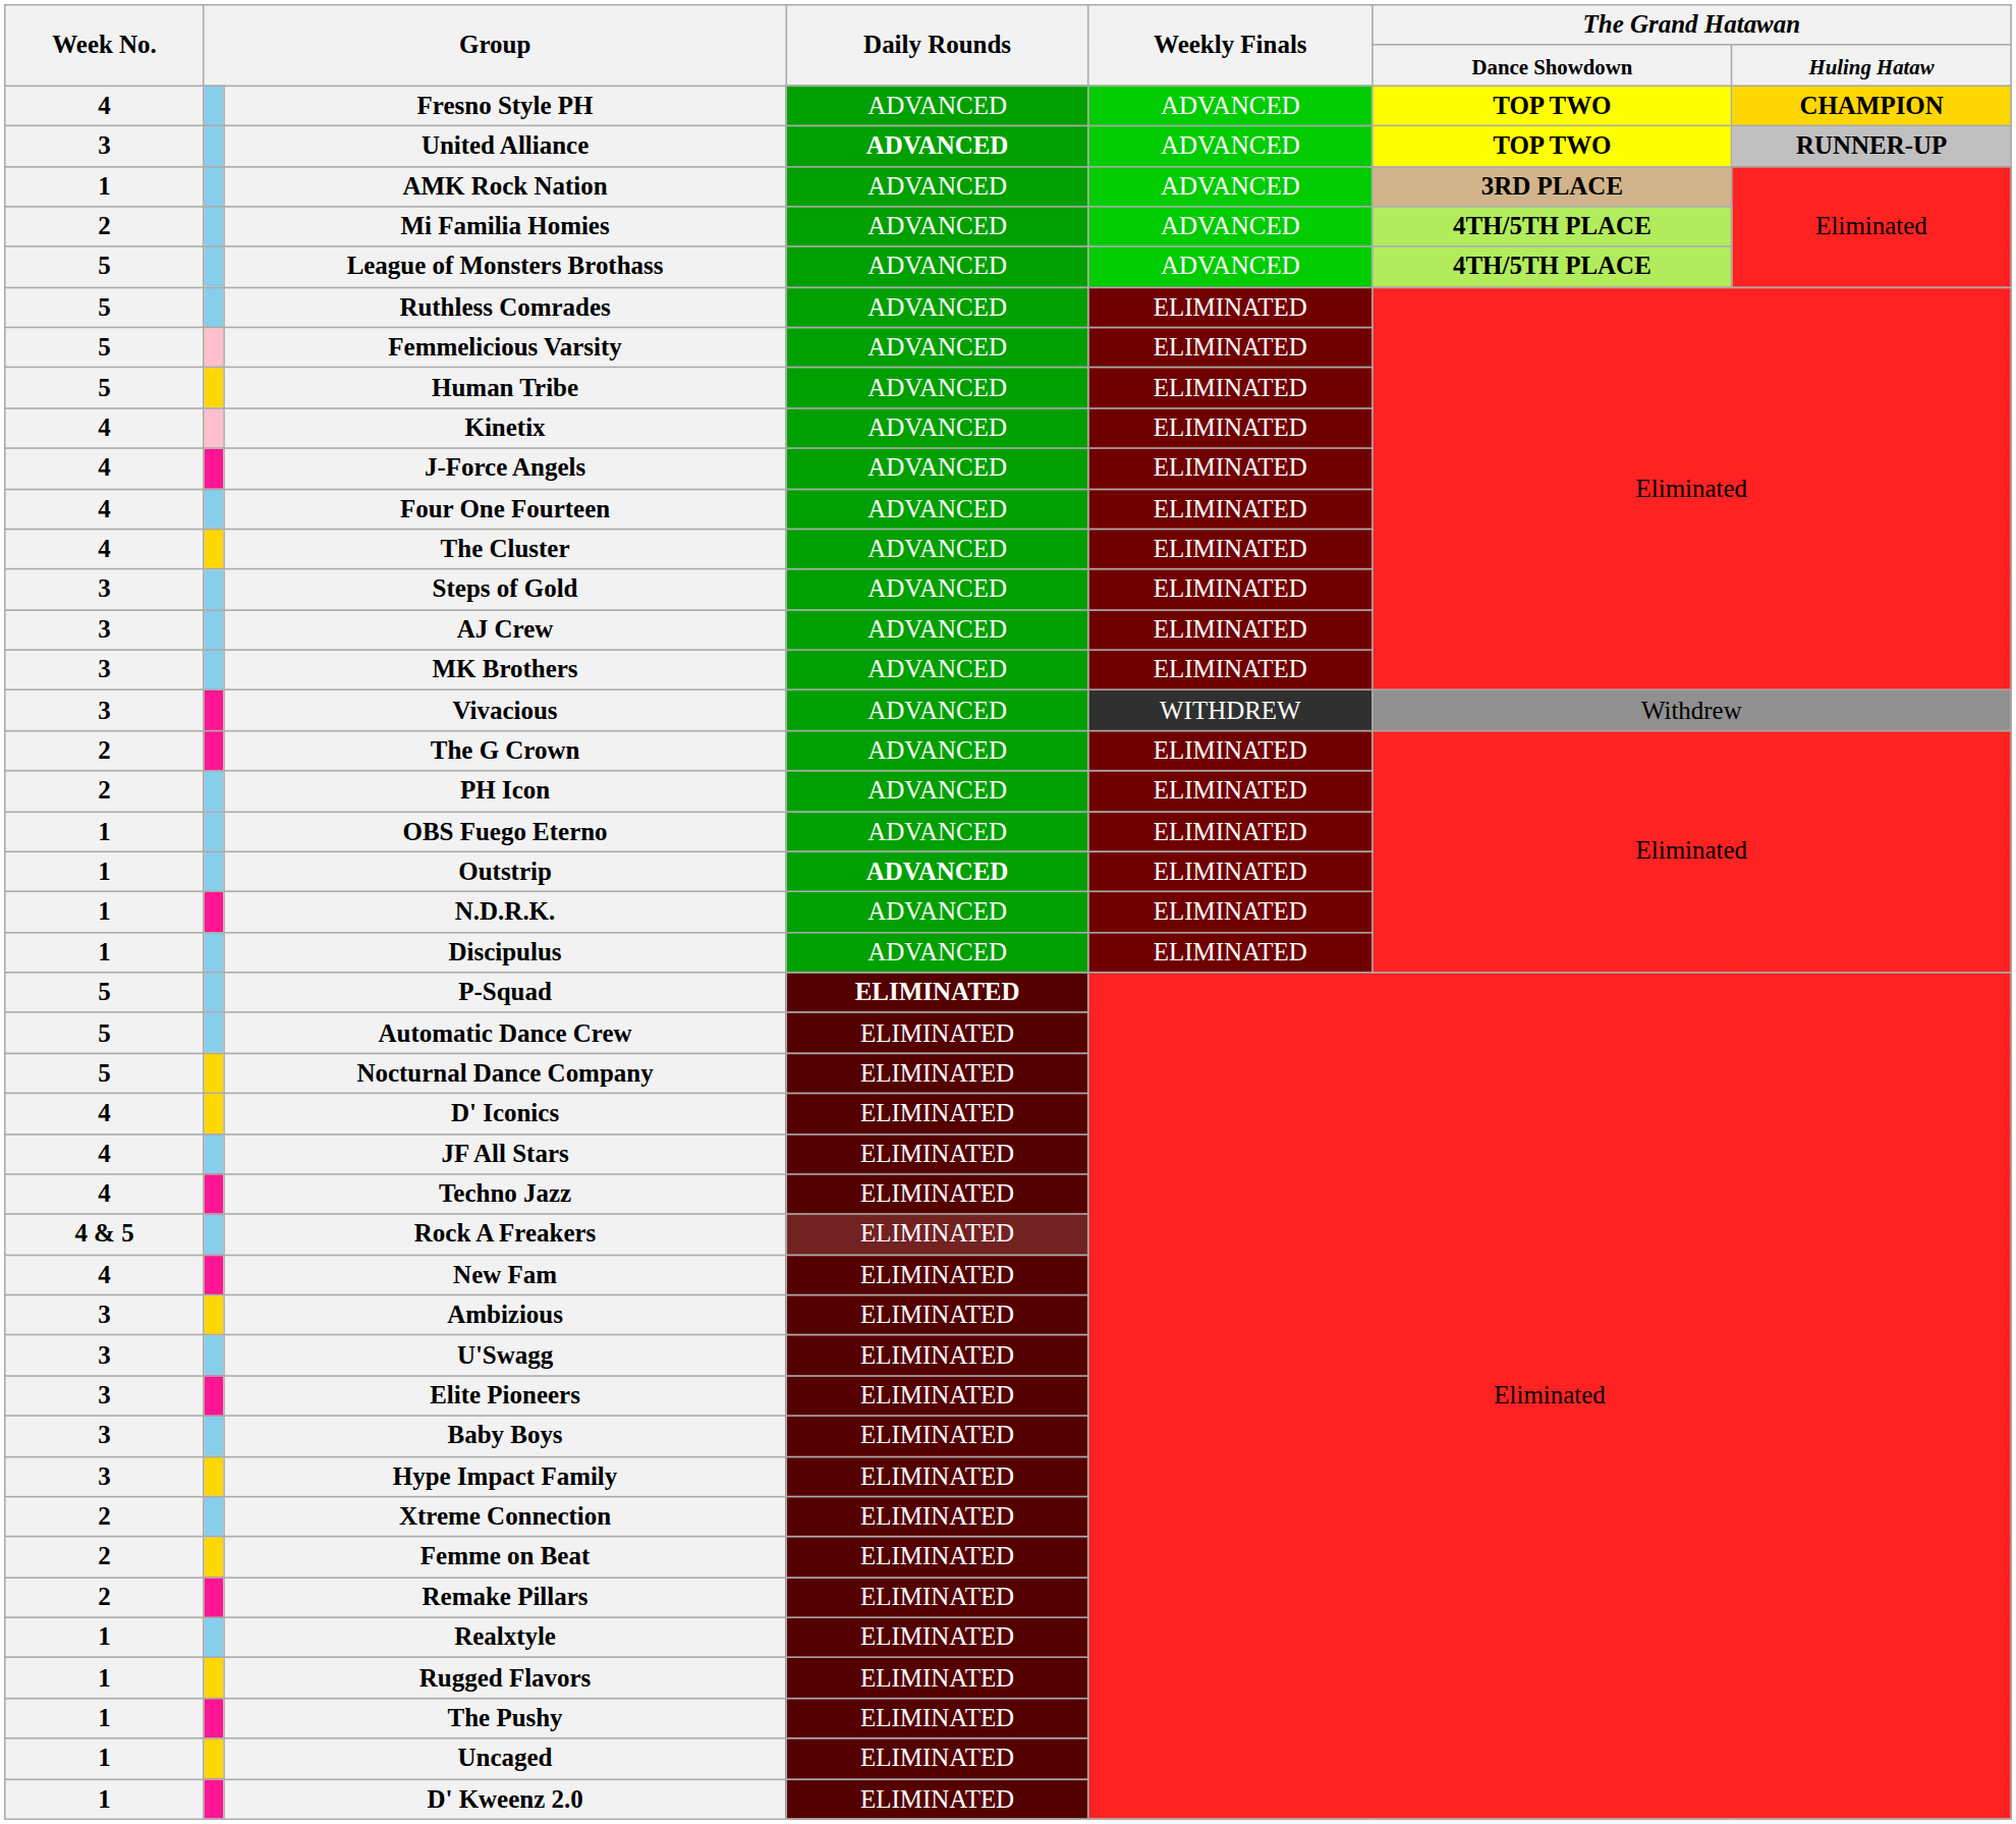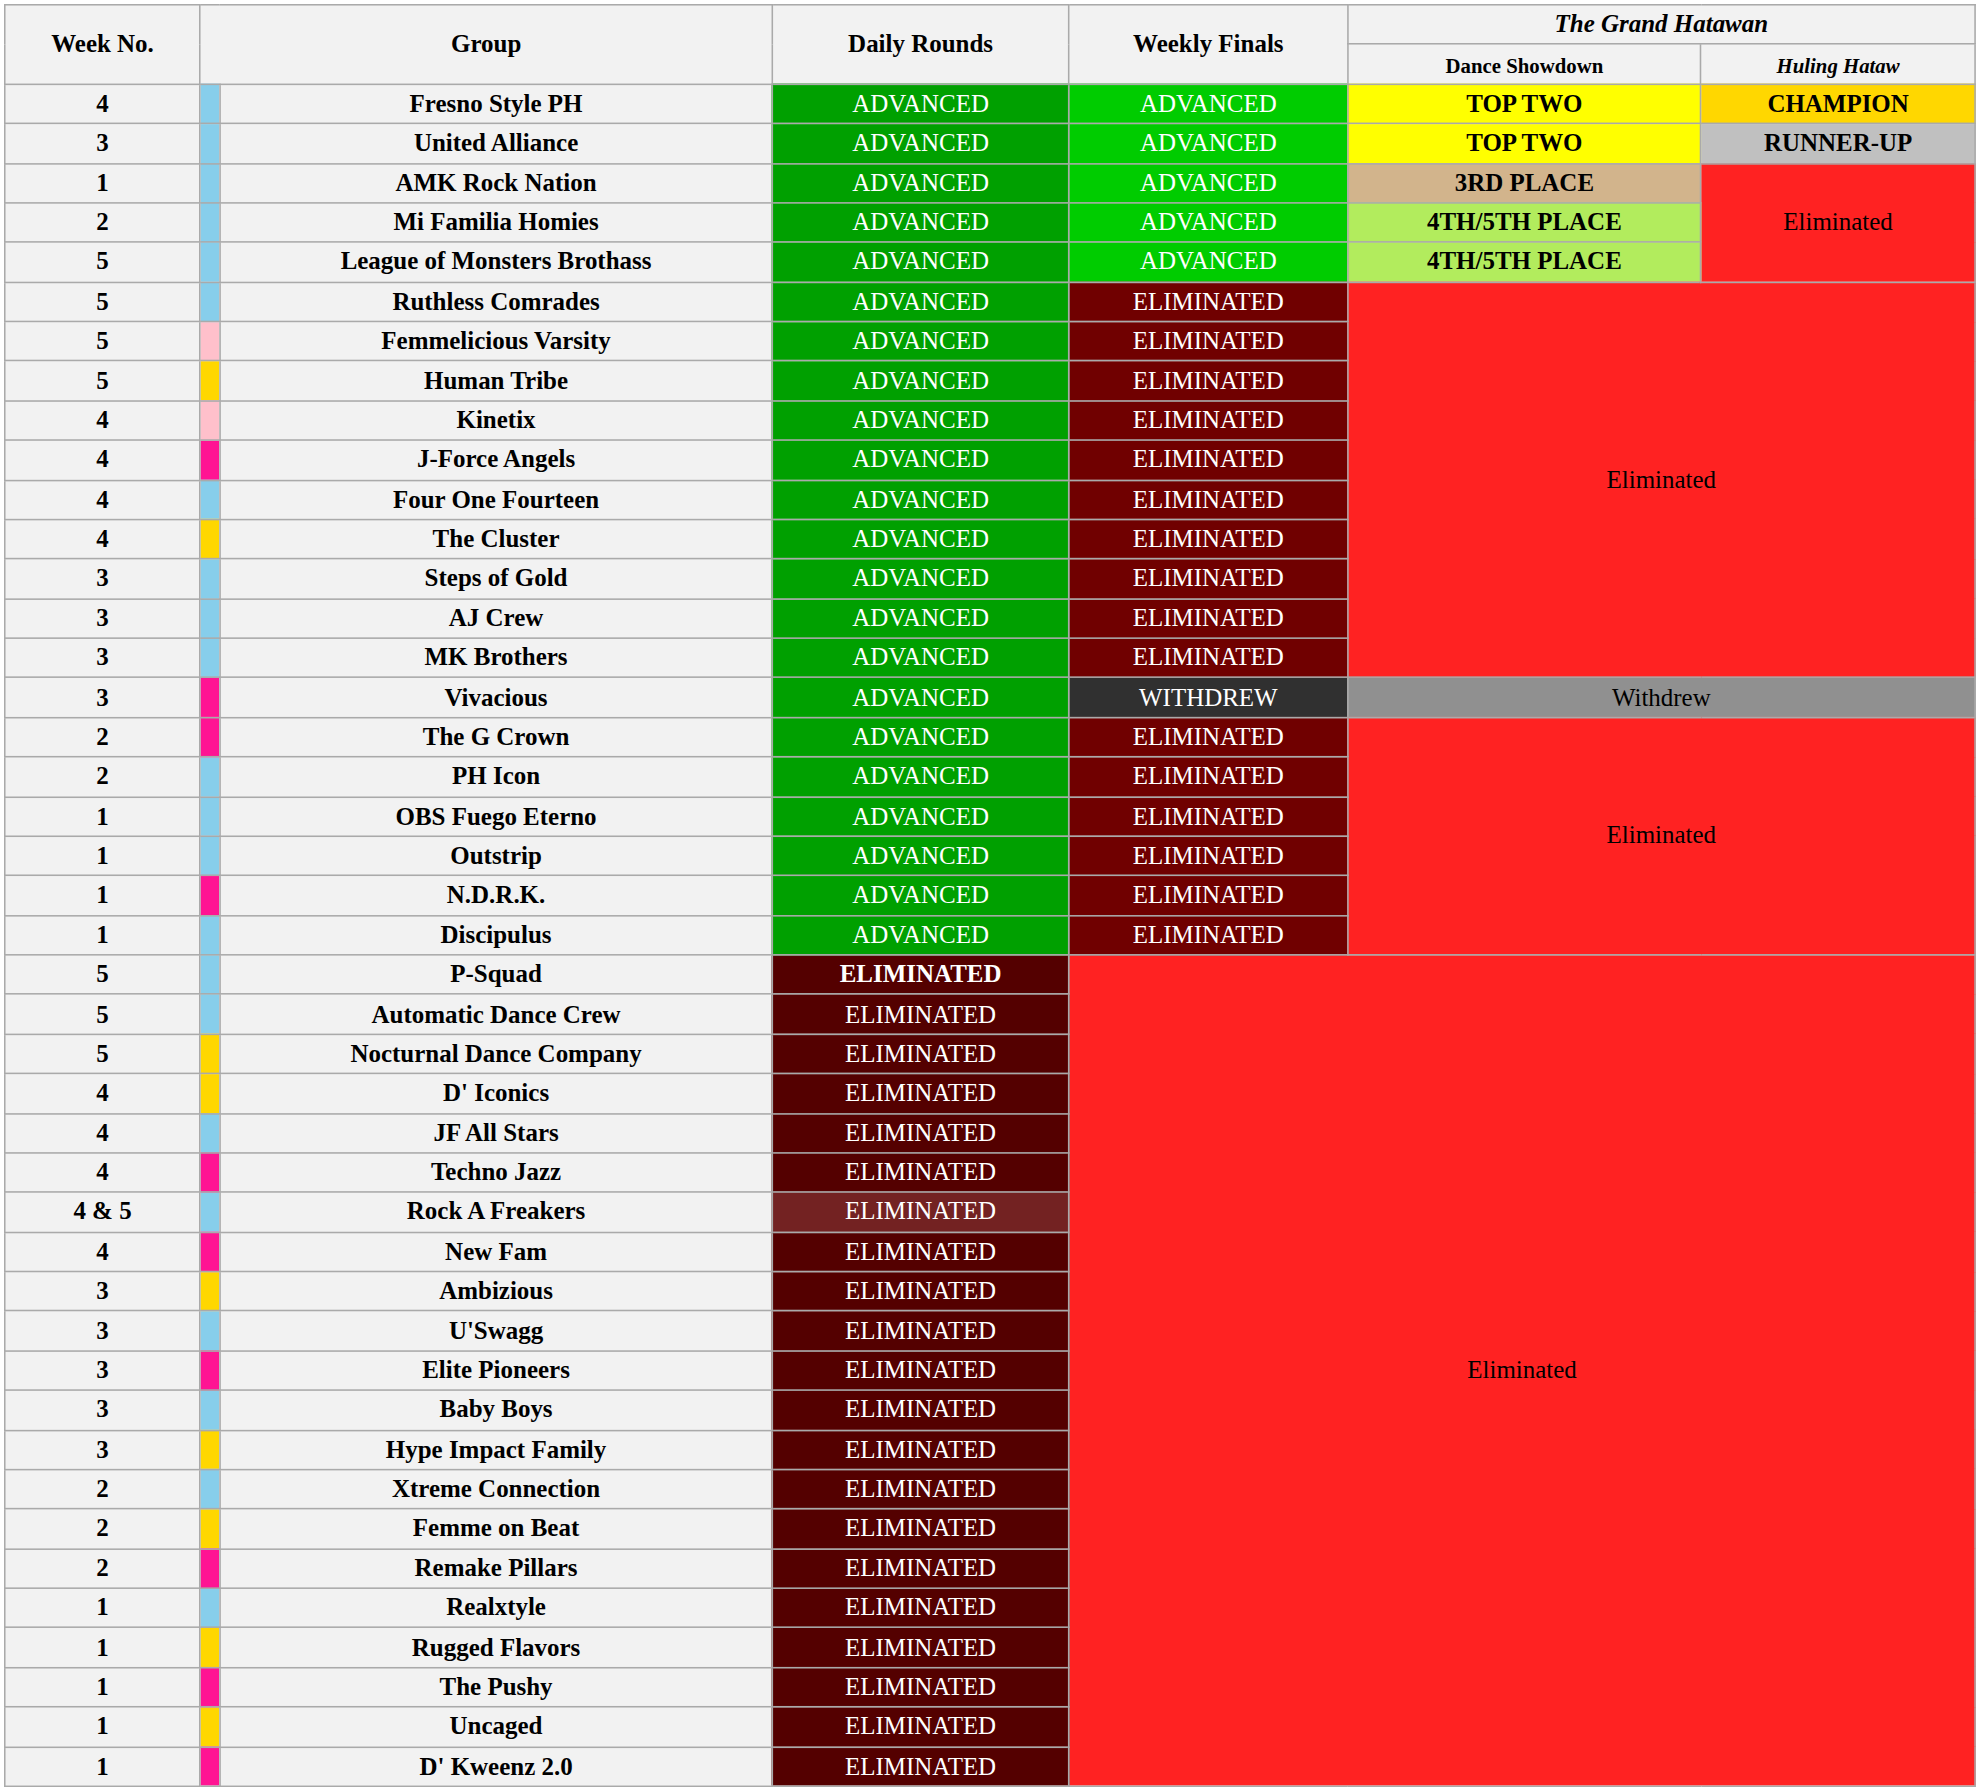 <table class="wikitable" style="text-align:center; width:100%">
 <tr>
 <th rowspan="2">Week No.</th>
 <th colspan="2" rowspan="2">Group</th>
 <th rowspan="2">Daily Rounds</th>
 <th rowspan="2">Weekly Finals</th>
 <th colspan="2"><em>The Grand Hatawan</em></th>
 </tr>
 <tr>
 <th><small>Dance Showdown</small></th>
 <th><small><em>Huling Hataw</em></small></th>
 </tr>
 <tr>
 <th>4</th>
 <th width="01%" style="background:#87ceeb;"></th>
 <th>Fresno Style PH</th>
 <td style="background:#00a000; color:white">ADVANCED</td>
 <td style="background:#00cc00; color:white">ADVANCED</td>
 <td style="background:yellow;"><strong>TOP TWO</strong></td>
 <td style="background:gold;"><strong>CHAMPION</strong></td>
 </tr>
 <tr>
 <th>3</th>
 <th width="01%" style="background:#87ceeb;"></th>
 <th>United Alliance</th>
-<td style="background:#00a000; color:white"><strong>ADVANCED</strong></td>
+<td style="background:#00a000; color:white">ADVANCED</td>
 <td style="background:#00cc00; color:white">ADVANCED</td>
 <td style="background:yellow;"><strong>TOP TWO</strong></td>
 <td style="background:silver;"><strong>RUNNER-UP</strong></td>
 </tr>
 <tr>
 <th>1</th>
 <th width="01%" style="background:#87ceeb;"></th>
 <th>AMK Rock Nation</th>
 <td style="background:#00a000; color:white">ADVANCED</td>
 <td style="background:#00cc00; color:white">ADVANCED</td>
 <td style="background:tan;"><strong>3RD PLACE</strong></td>
 <td rowspan="3" style="background:#ff2222">Eliminated</td>
 </tr>
 <tr>
 <th>2</th>
 <th width="01%" style="background:#87ceeb;"></th>
 <th>Mi Familia Homies</th>
 <td style="background:#00a000; color:white">ADVANCED</td>
 <td style="background:#00cc00; color:white">ADVANCED</td>
 <td style="background:#B2EC5D;"><strong>4TH/5TH PLACE</strong></td>
 </tr>
 <tr>
 <th>5</th>
 <th width="01%" style="background:#87ceeb;"></th>
 <th>League of Monsters Brothass</th>
 <td style="background:#00a000; color:white">ADVANCED</td>
 <td style="background:#00cc00; color:white">ADVANCED</td>
 <td style="background:#B2EC5D;"><strong>4TH/5TH PLACE</strong></td>
 </tr>
 <tr>
 <th>5</th>
 <th width="01%" style="background:#87ceeb;"></th>
 <th>Ruthless Comrades</th>
 <td style="background:#00a000; color:white">ADVANCED</td>
 <td style="background:#700000; color:white">ELIMINATED</td>
 <td colspan="2" rowspan="10" style="background:#ff2222">Eliminated</td>
 </tr>
 <tr>
 <th>5</th>
 <th width="01%" style="background:#FFC0CB;"></th>
 <th>Femmelicious Varsity</th>
 <td style="background:#00a000; color:white">ADVANCED</td>
 <td style="background:#700000; color:white">ELIMINATED</td>
 </tr>
 <tr>
 <th>5</th>
 <th width="01%" style="background:#FFD700;"></th>
 <th>Human Tribe</th>
 <td style="background:#00a000; color:white">ADVANCED</td>
 <td style="background:#700000; color:white">ELIMINATED</td>
 </tr>
 <tr>
 <th>4</th>
 <th width="01%" style="background:#FFC0CB;"></th>
 <th>Kinetix</th>
 <td style="background:#00a000; color:white">ADVANCED</td>
 <td style="background:#700000; color:white">ELIMINATED</td>
 </tr>
 <tr>
 <th>4</th>
 <th width="01%" style="background:#FF1493;"></th>
 <th>J-Force Angels</th>
 <td style="background:#00a000; color:white">ADVANCED</td>
 <td style="background:#700000; color:white">ELIMINATED</td>
 </tr>
 <tr>
 <th>4</th>
 <th width="01%" style="background:#87ceeb;"></th>
 <th>Four One Fourteen</th>
 <td style="background:#00a000; color:white">ADVANCED</td>
 <td style="background:#700000; color:white">ELIMINATED</td>
 </tr>
 <tr>
 <th>4</th>
 <th width="01%" style="background:#FFD700;"></th>
 <th>The Cluster</th>
 <td style="background:#00a000; color:white">ADVANCED</td>
 <td style="background:#700000; color:white">ELIMINATED</td>
 </tr>
 <tr>
 <th>3</th>
 <th width="01%" style="background:#87ceeb;"></th>
 <th>Steps of Gold</th>
 <td style="background:#00a000; color:white">ADVANCED</td>
 <td style="background:#700000; color:white">ELIMINATED</td>
 </tr>
 <tr>
 <th>3</th>
 <th width="01%" style="background:#87ceeb;"></th>
 <th>AJ Crew</th>
 <td style="background:#00a000; color:white">ADVANCED</td>
 <td style="background:#700000; color:white">ELIMINATED</td>
 </tr>
 <tr>
 <th>3</th>
 <th width="01%" style="background:#87ceeb;"></th>
 <th>MK Brothers</th>
 <td style="background:#00a000; color:white">ADVANCED</td>
 <td style="background:#700000; color:white">ELIMINATED</td>
 </tr>
 <tr>
 <th>3</th>
 <th width="01%" style="background:#FF1493;"></th>
 <th>Vivacious</th>
 <td style="background:#00a000; color:white">ADVANCED</td>
 <td style="background:#303030; color:white">WITHDREW</td>
 <td colspan="2" style="background:#909090">Withdrew</td>
 </tr>
 <tr>
 <th>2</th>
 <th width="01%" style="background:#FF1493;"></th>
 <th>The G Crown</th>
 <td style="background:#00a000; color:white">ADVANCED</td>
 <td style="background:#700000; color:white">ELIMINATED</td>
 <td colspan="2" rowspan="6" style="background:#ff2222">Eliminated</td>
 </tr>
 <tr>
 <th>2</th>
 <th width="01%" style="background:#87ceeb;"></th>
 <th>PH Icon</th>
 <td style="background:#00a000; color:white">ADVANCED</td>
 <td style="background:#700000; color:white">ELIMINATED</td>
 </tr>
 <tr>
 <th>1</th>
 <th width="01%" style="background:#87ceeb;"></th>
 <th>OBS Fuego Eterno</th>
 <td style="background:#00a000; color:white">ADVANCED</td>
 <td style="background:#700000; color:white">ELIMINATED</td>
 </tr>
 <tr>
 <th>1</th>
 <th width="01%" style="background:#87ceeb;"></th>
 <th>Outstrip</th>
-<td style="background:#00a000; color:white"><strong>ADVANCED</strong></td>
+<td style="background:#00a000; color:white">ADVANCED</td>
 <td style="background:#700000; color:white">ELIMINATED</td>
 </tr>
 <tr>
 <th>1</th>
 <th width="01%" style="background:#FF1493;"></th>
 <th>N.D.R.K.</th>
 <td style="background:#00a000; color:white">ADVANCED</td>
 <td style="background:#700000; color:white">ELIMINATED</td>
 </tr>
 <tr>
 <th>1</th>
 <th width="01%" style="background:#87ceeb;"></th>
 <th>Discipulus</th>
 <td style="background:#00a000; color:white">ADVANCED</td>
 <td style="background:#700000; color:white">ELIMINATED</td>
 </tr>
 <tr>
 <th>5</th>
 <th width="01%" style="background:#87ceeb;"></th>
 <th>P-Squad</th>
 <td style="background:#540000; color:white"><strong>ELIMINATED</strong></td>
 <td colspan="3" rowspan="21" style="background:#ff2222">Eliminated</td>
 </tr>
 <tr>
 <th>5</th>
 <th width="01%" style="background:#87ceeb;"></th>
 <th>Automatic Dance Crew</th>
 <td style="background:#540000; color:white">ELIMINATED</td>
 </tr>
 <tr>
 <th>5</th>
 <th width="01%" style="background:#FFD700;"></th>
 <th>Nocturnal Dance Company</th>
 <td style="background:#540000; color:white">ELIMINATED</td>
 </tr>
 <tr>
 <th>4</th>
 <th width="01%" style="background:#FFD700;"></th>
 <th>D' Iconics</th>
 <td style="background:#540000; color:white">ELIMINATED</td>
 </tr>
 <tr>
 <th>4</th>
 <th width="01%" style="background:#87ceeb;"></th>
 <th>JF All Stars</th>
 <td style="background:#540000; color:white">ELIMINATED</td>
 </tr>
 <tr>
 <th>4</th>
 <th width="01%" style="background:#FF1493;"></th>
 <th>Techno Jazz</th>
 <td style="background:#540000; color:white">ELIMINATED</td>
 </tr>
 <tr>
 <th>4 & 5</th>
 <th width="01%" style="background:#87ceeb;"></th>
 <th>Rock A Freakers</th>
 <td style="background:#732222; color:white">ELIMINATED</td>
 </tr>
 <tr>
 <th>4</th>
 <th width="01%" style="background:#FF1493;"></th>
 <th>New Fam</th>
 <td style="background:#540000; color:white">ELIMINATED</td>
 </tr>
 <tr>
 <th>3</th>
 <th width="01%" style="background:#FFD700;"></th>
 <th>Ambizious</th>
 <td style="background:#540000; color:white">ELIMINATED</td>
 </tr>
 <tr>
 <th>3</th>
 <th width="01%" style="background:#87ceeb;"></th>
 <th>U'Swagg</th>
 <td style="background:#540000; color:white">ELIMINATED</td>
 </tr>
 <tr>
 <th>3</th>
 <th width="01%" style="background:#FF1493;"></th>
 <th>Elite Pioneers</th>
 <td style="background:#540000; color:white">ELIMINATED</td>
 </tr>
 <tr>
 <th>3</th>
 <th width="01%" style="background:#87ceeb;"></th>
 <th>Baby Boys</th>
 <td style="background:#540000; color:white">ELIMINATED</td>
 </tr>
 <tr>
 <th>3</th>
 <th width="01%" style="background:#FFD700;"></th>
 <th>Hype Impact Family</th>
 <td style="background:#540000; color:white">ELIMINATED</td>
 </tr>
 <tr>
 <th>2</th>
 <th width="01%" style="background:#87ceeb;"></th>
 <th>Xtreme Connection</th>
 <td style="background:#540000; color:white">ELIMINATED</td>
 </tr>
 <tr>
 <th>2</th>
 <th width="01%" style="background:#FFD700;"></th>
 <th>Femme on Beat</th>
 <td style="background:#540000; color:white">ELIMINATED</td>
 </tr>
 <tr>
 <th>2</th>
 <th width="01%" style="background:#FF1493;"></th>
 <th>Remake Pillars</th>
 <td style="background:#540000; color:white">ELIMINATED</td>
 </tr>
 <tr>
 <th>1</th>
 <th width="01%" style="background:#87ceeb;"></th>
 <th>Realxtyle</th>
 <td style="background:#540000; color:white">ELIMINATED</td>
 </tr>
 <tr>
 <th>1</th>
 <th width="01%" style="background:#FFD700;"></th>
 <th>Rugged Flavors</th>
 <td style="background:#540000; color:white">ELIMINATED</td>
 </tr>
 <tr>
 <th>1</th>
 <th width="01%" style="background:#FF1493;"></th>
 <th>The Pushy</th>
 <td style="background:#540000; color:white">ELIMINATED</td>
 </tr>
 <tr>
 <th>1</th>
 <th width="01%" style="background:#FFD700;"></th>
 <th>Uncaged</th>
 <td style="background:#540000; color:white">ELIMINATED</td>
 </tr>
 <tr>
 <th>1</th>
 <th width="01%" style="background:#FF1493;"></th>
 <th>D' Kweenz 2.0</th>
 <td style="background:#540000; color:white">ELIMINATED</td>
 </tr>
 </table>
